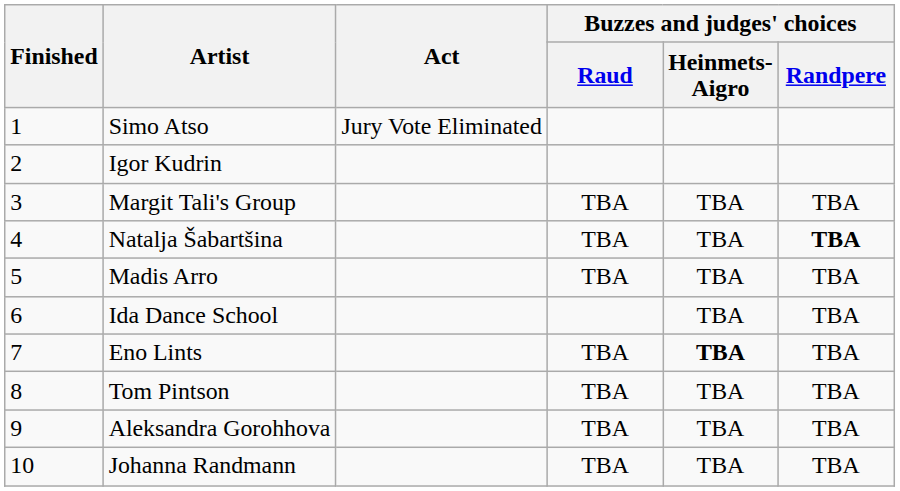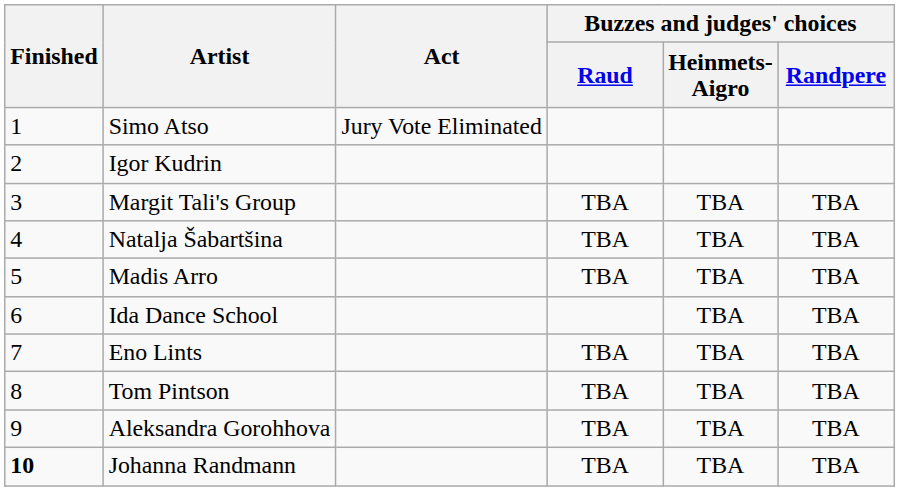 <table class="wikitable">
 <tr>
 <th rowspan=2>Finished</th>
 <th rowspan=2>Artist</th>
 <th rowspan=2>Act</th>
 <th colspan=3>Buzzes and judges' choices</th>
 </tr>
 <tr>
 <th width="70"><a href='#'>Raud</a></th>
 <th width="70">Heinmets-Aigro</th>
 <th width="70"><a href='#'>Randpere</a></th>
 </tr>
 <tr>
 <td>1</td>
 <td>Simo Atso</td>
 <td>Jury Vote Eliminated</td>
 <td style="text-align:center;"></td>
 <td align="center"></td>
 <td align="center"></td>
 </tr>
 <tr>
 <td>2</td>
 <td>Igor Kudrin</td>
 <td></td>
 <td align="center"></td>
 <td style="text-align:center;"></td>
 <td align="center"></td>
 </tr>
 <tr>
 <td>3</td>
 <td>Margit Tali's Group</td>
 <td></td>
 <td align="center">TBA</td>
 <td align="center">TBA</td>
 <td align="center">TBA</td>
 </tr>
 <tr>
 <td>4</td>
 <td>Natalja Šabartšina</td>
 <td></td>
 <td align="center">TBA</td>
 <td align="center">TBA</td>
-<td align="center"><strong>TBA</strong></td>
+<td align="center">TBA</td>
 </tr>
 <tr>
 <td>5</td>
 <td>Madis Arro</td>
 <td></td>
 <td align="center">TBA</td>
 <td align="center">TBA</td>
 <td align="center">TBA</td>
 </tr>
 <tr>
 <td>6</td>
 <td>Ida Dance School</td>
 <td></td>
 <td style="text-align:center;"></td>
 <td align="center">TBA</td>
 <td align="center">TBA</td>
 </tr>
 <tr>
 <td>7</td>
 <td>Eno Lints</td>
 <td></td>
 <td align="center">TBA</td>
-<td align="center"><strong>TBA</strong></td>
+<td align="center">TBA</td>
 <td align="center">TBA</td>
 </tr>
 <tr>
 <td>8</td>
 <td>Tom Pintson</td>
 <td></td>
 <td align="center">TBA</td>
 <td align="center">TBA</td>
 <td align="center">TBA</td>
 </tr>
 <tr>
 <td>9</td>
 <td>Aleksandra Gorohhova</td>
 <td></td>
 <td align="center">TBA</td>
 <td align="center">TBA</td>
 <td align="center">TBA</td>
 </tr>
 <tr>
-<td>10</td>
+<td><strong>10</strong></td>
 <td>Johanna Randmann</td>
 <td></td>
 <td align="center">TBA</td>
 <td align="center">TBA</td>
 <td align="center">TBA</td>
 </tr>
 </table>
